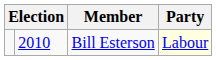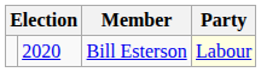 <table class="wikitable">
 <tr>
 <th colspan="2">Election</th>
 <th>Member</th>
 <th>Party</th>
 </tr>
 <tr>
 <td style="color:inherit;background-color: "></td>
-<td><a href='#'>2010</a></td>
+<td><a href='#'>2020</a></td>
 <td><a href='#'>Bill Esterson</a></td>
 <td style="background: lightyellow;"><a href='#'>Labour</a></td>
 </tr>
 </table>
